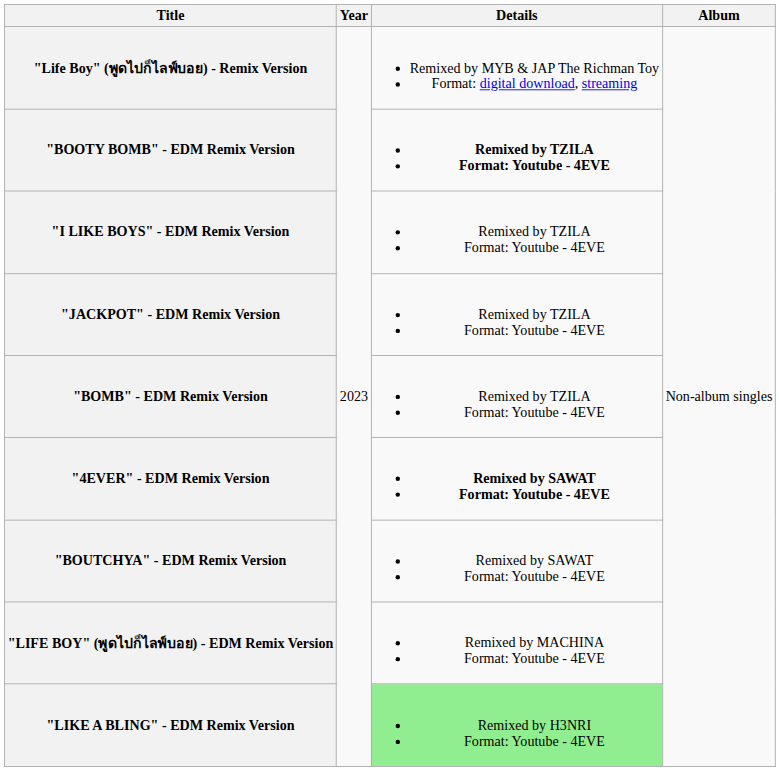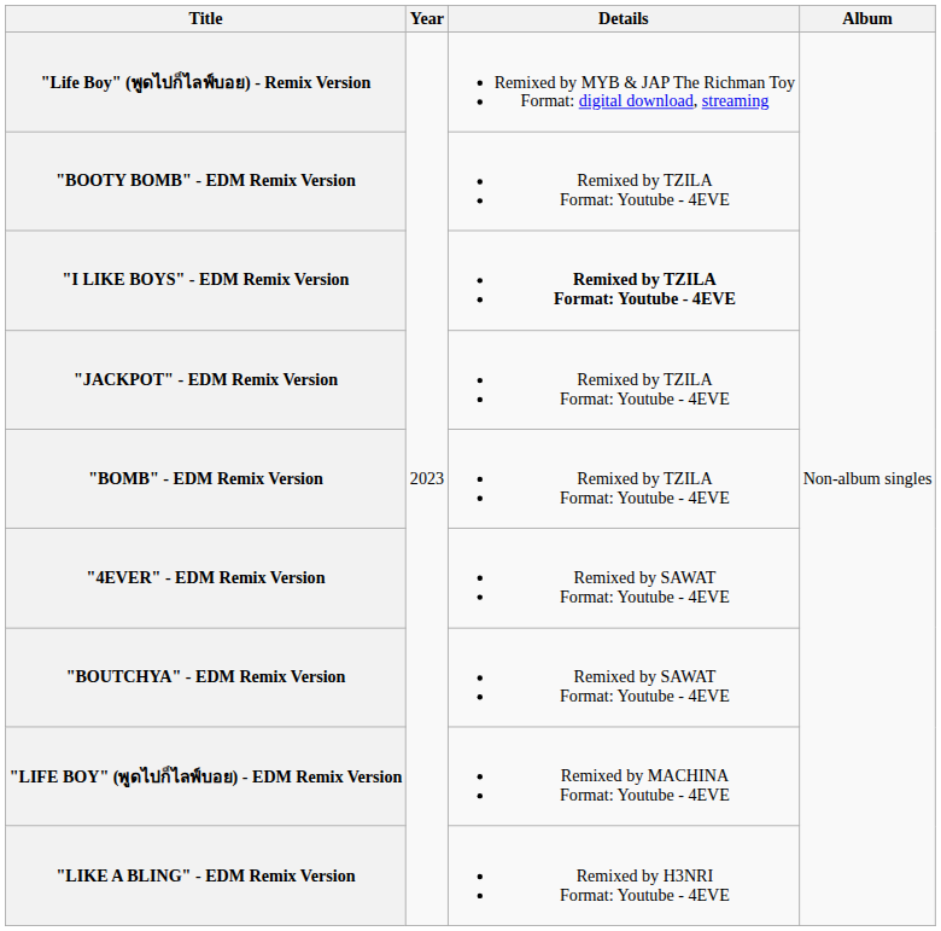 <table class="wikitable plainrowheaders" style="text-align:center;">
 <tr>
 <th>Title</th>
 <th>Year</th>
 <th>Details</th>
 <th>Album</th>
 </tr>
 <tr>
 <th scope="row">"Life Boy" (พูดไปก็ไลฟ์บอย) - Remix Version</th>
 <td rowspan="9">2023</td>
 <td><br><ul><li>Remixed by MYB & JAP The Richman Toy</li><li>Format: <a href='#'>digital download</a>, <a href='#'>streaming</a></li></ul></td>
 <td rowspan="9">Non-album singles</td>
 </tr>
 <tr>
 <th scope="row">"BOOTY BOMB" - EDM Remix Version</th>
-<td><strong><br><ul><li>Remixed by TZILA</li><li>Format: Youtube - 4EVE</li></ul></strong></td>
+<td><br><ul><li>Remixed by TZILA</li><li>Format: Youtube - 4EVE</li></ul></td>
 </tr>
 <tr>
 <th scope="row">"I LIKE BOYS" - EDM Remix Version</th>
-<td><br><ul><li>Remixed by TZILA</li><li>Format: Youtube - 4EVE</li></ul></td>
+<td><strong><br><ul><li>Remixed by TZILA</li><li>Format: Youtube - 4EVE</li></ul></strong></td>
 </tr>
 <tr>
 <th scope="row">"JACKPOT" - EDM Remix Version</th>
 <td><br><ul><li>Remixed by TZILA</li><li>Format: Youtube - 4EVE</li></ul></td>
 </tr>
 <tr>
 <th scope="row">"BOMB" - EDM Remix Version</th>
 <td><br><ul><li>Remixed by TZILA</li><li>Format: Youtube - 4EVE</li></ul></td>
 </tr>
 <tr>
 <th scope="row">"4EVER" - EDM Remix Version</th>
-<td><strong><br><ul><li>Remixed by SAWAT</li><li>Format: Youtube - 4EVE</li></ul></strong></td>
+<td><br><ul><li>Remixed by SAWAT</li><li>Format: Youtube - 4EVE</li></ul></td>
 </tr>
 <tr>
 <th scope="row">"BOUTCHYA" - EDM Remix Version</th>
 <td><br><ul><li>Remixed by SAWAT</li><li>Format: Youtube - 4EVE</li></ul></td>
 </tr>
 <tr>
 <th scope="row">"LIFE BOY" (พูดไปก็ไลฟ์บอย) - EDM Remix Version</th>
 <td><br><ul><li>Remixed by MACHINA</li><li>Format: Youtube - 4EVE</li></ul></td>
 </tr>
 <tr>
 <th scope="row">"LIKE A BLING" - EDM Remix Version</th>
-<td style="background: lightgreen;"><br><ul><li>Remixed by H3NRI</li><li>Format: Youtube - 4EVE</li></ul></td>
+<td><br><ul><li>Remixed by H3NRI</li><li>Format: Youtube - 4EVE</li></ul></td>
 </tr>
 </table>
